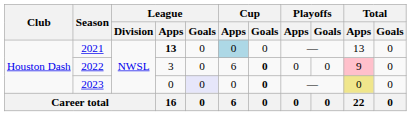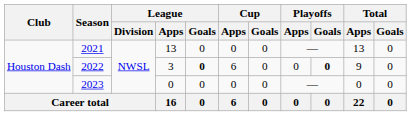 <table class="wikitable" style="text-align: center;">
 <tr>
 <th rowspan="2">Club</th>
 <th rowspan="2">Season</th>
 <th colspan="3">League</th>
 <th colspan="2">Cup</th>
 <th colspan="2">Playoffs</th>
 <th colspan="2">Total</th>
 </tr>
 <tr>
 <th>Division</th>
 <th>Apps</th>
 <th>Goals</th>
 <th>Apps</th>
 <th>Goals</th>
 <th>Apps</th>
 <th>Goals</th>
 <th>Apps</th>
 <th>Goals</th>
 </tr>
 <tr>
 <td rowspan="3"><a href='#'>Houston Dash</a></td>
 <td><a href='#'>2021</a></td>
 <td rowspan="3"><a href='#'>NWSL</a></td>
-<td><strong>13</strong></td>
+<td>13</td>
 <td>0</td>
-<td style="background: lightblue;">0</td>
+<td>0</td>
 <td>0</td>
 <td colspan="2">—</td>
 <td>13</td>
 <td>0</td>
 </tr>
 <tr>
 <td><a href='#'>2022</a></td>
 <td>3</td>
-<td>0</td>
+<td><strong>0</strong></td>
 <td>6</td>
-<td><strong>0</strong></td>
 <td>0</td>
 <td>0</td>
-<td style="background: pink;">9</td>
+<td><strong>0</strong></td>
+<td>9</td>
 <td>0</td>
 </tr>
 <tr>
 <td><a href='#'>2023</a></td>
 <td>0</td>
-<td style="background: lavender;">0</td>
 <td>0</td>
-<td><strong>0</strong></td>
+<td>0</td>
+<td>0</td>
 <td colspan="2">—</td>
-<td style="background: khaki;">0</td>
+<td>0</td>
 <td>0</td>
 </tr>
 <tr>
 <th colspan="3">Career total</th>
 <th>16</th>
 <th>0</th>
 <th>6</th>
 <th>0</th>
 <th>0</th>
 <th>0</th>
 <th>22</th>
 <th>0</th>
 </tr>
 </table>
